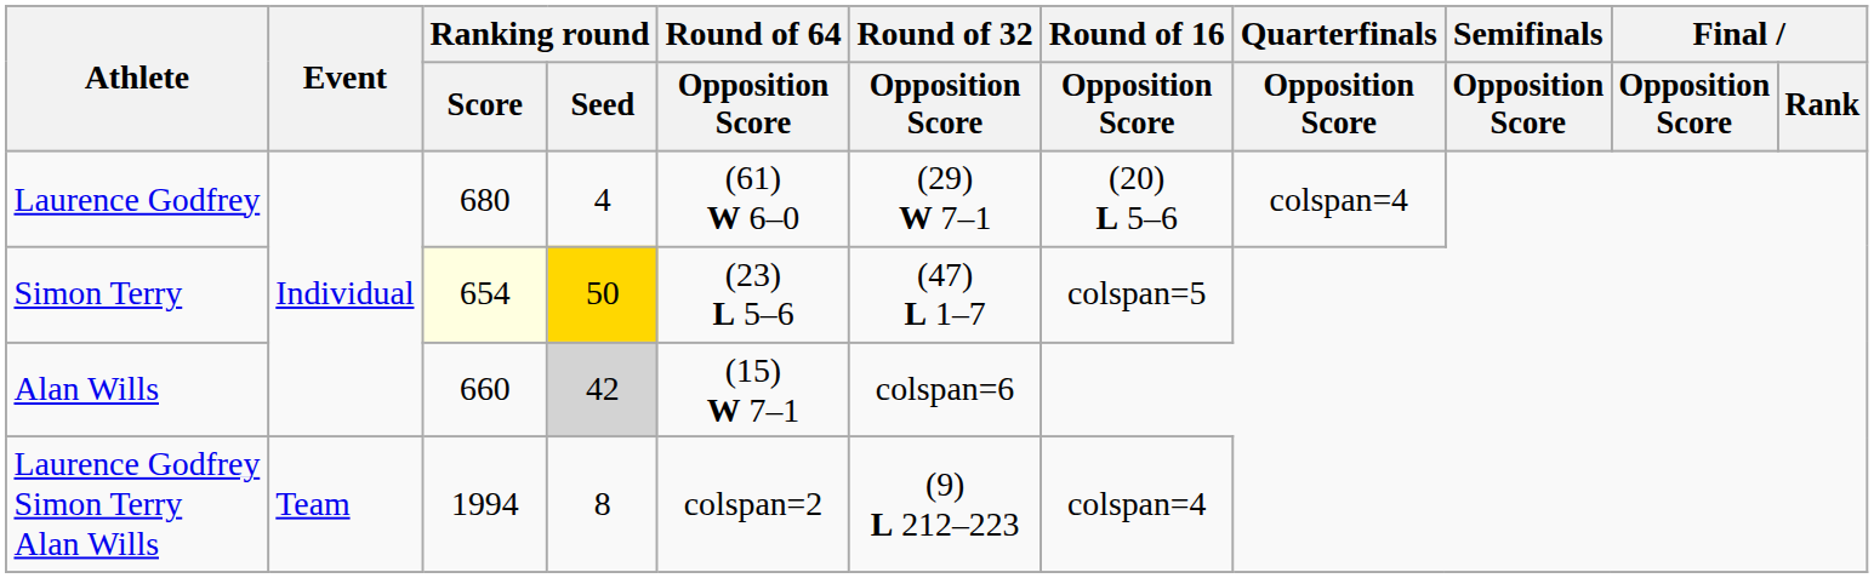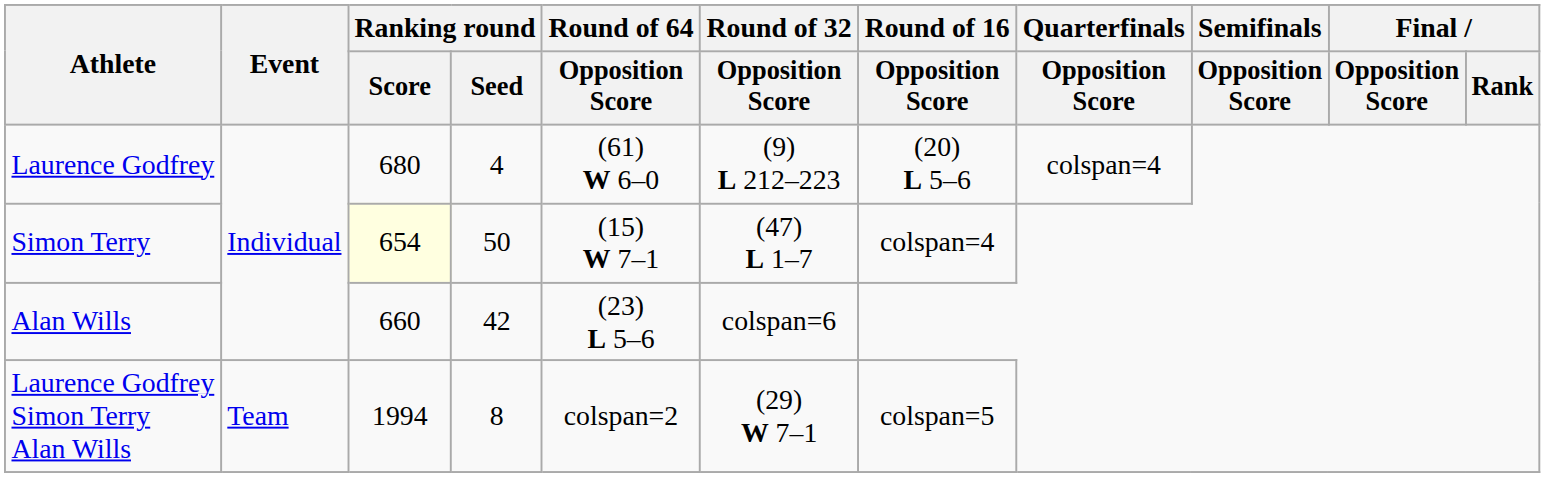 <table class="wikitable" style="text-align:center; font-size:90%;">
 <tr>
 <th rowspan="2">Athlete</th>
 <th rowspan="2">Event</th>
 <th colspan="2">Ranking round</th>
 <th>Round of 64</th>
 <th>Round of 32</th>
 <th>Round of 16</th>
 <th>Quarterfinals</th>
 <th>Semifinals</th>
 <th colspan="2">Final / </th>
 </tr>
 <tr style="font-size:95%">
 <th>Score</th>
 <th>Seed</th>
 <th>Opposition<br>Score</th>
 <th>Opposition<br>Score</th>
 <th>Opposition<br>Score</th>
 <th>Opposition<br>Score</th>
 <th>Opposition<br>Score</th>
 <th>Opposition<br>Score</th>
 <th>Rank</th>
 </tr>
 <tr>
 <td style="text-align:left;"><a href='#'>Laurence Godfrey</a></td>
 <td style="text-align:left;" rowspan="3"><a href='#'>Individual</a></td>
 <td>680</td>
 <td>4</td>
 <td> (61)<br><strong>W</strong> 6–0</td>
-<td> (29)<br><strong>W</strong> 7–1</td>
+<td> (9)<br><strong>L</strong> 212–223</td>
 <td> (20)<br><strong>L</strong> 5–6</td>
 <td>colspan=4 </td>
 </tr>
 <tr>
 <td style="text-align:left;"><a href='#'>Simon Terry</a></td>
 <td style="background: lightyellow;">654</td>
-<td style="background: gold;">50</td>
-<td> (23)<br><strong>L</strong> 5–6</td>
+<td>50</td>
+<td> (15)<br><strong>W</strong> 7–1</td>
 <td> (47)<br><strong>L</strong> 1–7</td>
-<td>colspan=5 </td>
+<td>colspan=4 </td>
 </tr>
 <tr>
 <td style="text-align:left;"><a href='#'>Alan Wills</a></td>
 <td>660</td>
-<td style="background: lightgrey;">42</td>
-<td> (15)<br><strong>W</strong> 7–1</td>
+<td>42</td>
+<td> (23)<br><strong>L</strong> 5–6</td>
 <td>colspan=6 </td>
 </tr>
 <tr>
 <td style="text-align:left;"><a href='#'>Laurence Godfrey</a><br><a href='#'>Simon Terry</a><br><a href='#'>Alan Wills</a></td>
 <td style="text-align:left;"><a href='#'>Team</a></td>
 <td>1994</td>
 <td>8</td>
 <td>colspan=2 </td>
-<td> (9)<br><strong>L</strong> 212–223</td>
-<td>colspan=4 </td>
+<td> (29)<br><strong>W</strong> 7–1</td>
+<td>colspan=5 </td>
 </tr>
 </table>
